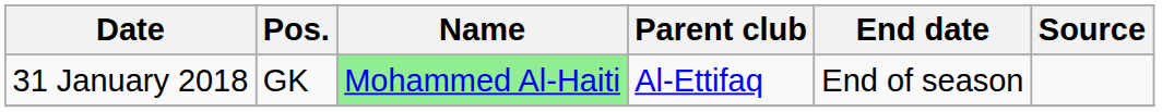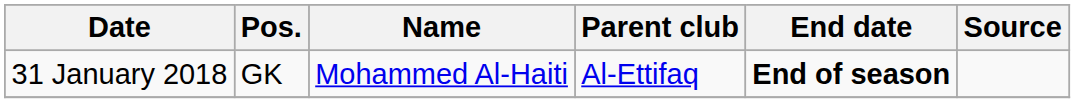 <table class="wikitable" style="text-align:left">
 <tr>
 <th>Date</th>
 <th>Pos.</th>
 <th>Name</th>
 <th>Parent club</th>
 <th>End date</th>
 <th>Source</th>
 </tr>
 <tr>
 <td>31 January 2018</td>
 <td>GK</td>
-<td style="background: lightgreen;"> <a href='#'>Mohammed Al-Haiti</a></td>
+<td> <a href='#'>Mohammed Al-Haiti</a></td>
 <td> <a href='#'>Al-Ettifaq</a></td>
-<td>End of season</td>
+<td><strong>End of season</strong></td>
 <td></td>
 </tr>
 <tr>
 </tr>
 </table>
